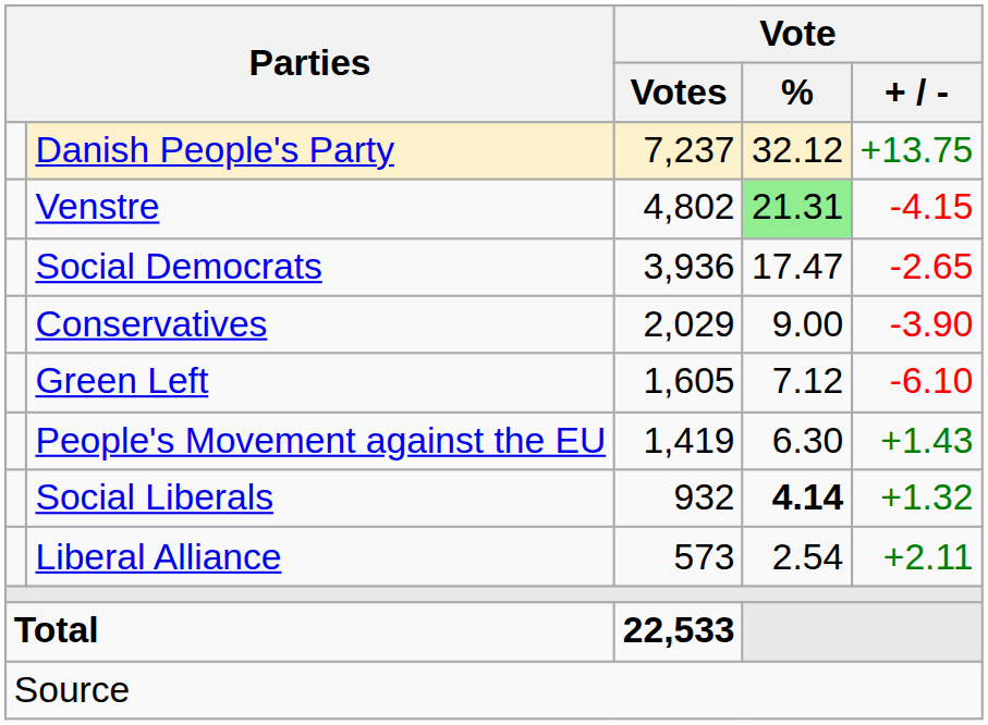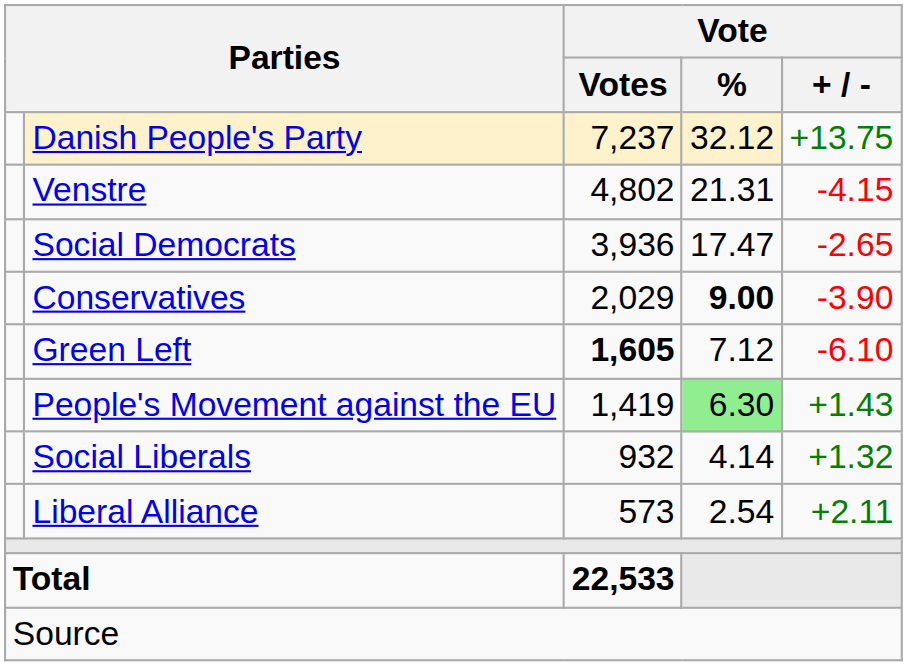 <table class="wikitable" style="text-align:right;">
 <tr>
 <th style="text-align:centre;" rowspan="2" colspan="2" width="225">Parties</th>
 <th colspan="3">Vote</th>
 </tr>
 <tr>
 <th width="15">Votes</th>
 <th width="15">%</th>
 <th width="15">+ / -</th>
 </tr>
 <tr>
 <td width="2" style="color:inherit;background:"></td>
 <td bgcolor=#fef2cc   align="left"><a href='#'>Danish People's Party</a></td>
 <td bgcolor=#fef2cc>7,237</td>
 <td bgcolor=#fef2cc>32.12</td>
 <td style=color:green;>+13.75</td>
 </tr>
 <tr>
 <td width="2" style="color:inherit;background:"></td>
 <td align="left"><a href='#'>Venstre</a></td>
 <td>4,802</td>
-<td style="background: lightgreen;">21.31</td>
+<td>21.31</td>
 <td style=color:red;>-4.15</td>
 </tr>
 <tr>
 <td width="2" style="color:inherit;background:"></td>
 <td align="left"><a href='#'>Social Democrats</a></td>
 <td>3,936</td>
 <td>17.47</td>
 <td style=color:red;>-2.65</td>
 </tr>
 <tr>
 <td width="2" style="color:inherit;background:"></td>
 <td align="left"><a href='#'>Conservatives</a></td>
 <td>2,029</td>
-<td>9.00</td>
+<td><strong>9.00</strong></td>
 <td style=color:red;>-3.90</td>
 </tr>
 <tr>
 <td width="2" style="color:inherit;background:"></td>
 <td align="left"><a href='#'>Green Left</a></td>
-<td>1,605</td>
+<td><strong>1,605</strong></td>
 <td>7.12</td>
 <td style=color:red;>-6.10</td>
 </tr>
 <tr>
 <td width="2" style="color:inherit;background:"></td>
 <td align="left"><a href='#'>People's Movement against the EU</a></td>
 <td>1,419</td>
-<td>6.30</td>
+<td style="background: lightgreen;">6.30</td>
 <td style=color:green;>+1.43</td>
 </tr>
 <tr>
 <td width="2" style="color:inherit;background:"></td>
 <td align="left"><a href='#'>Social Liberals</a></td>
 <td>932</td>
-<td><strong>4.14</strong></td>
+<td>4.14</td>
 <td style=color:green;>+1.32</td>
 </tr>
 <tr>
 <td width="2" style="color:inherit;background:"></td>
 <td align="left"><a href='#'>Liberal Alliance</a></td>
 <td>573</td>
 <td>2.54</td>
 <td style=color:green;>+2.11</td>
 </tr>
 <tr>
 <td colspan="7" bgcolor="#E9E9E9"></td>
 </tr>
 <tr>
 <td align="left" colspan="2"><strong>Total</strong></td>
 <td><strong>22,533</strong></td>
 <td bgcolor="#E9E9E9" colspan="2"></td>
 </tr>
 <tr>
 <td align="left" colspan="6">Source</td>
 </tr>
 </table>
